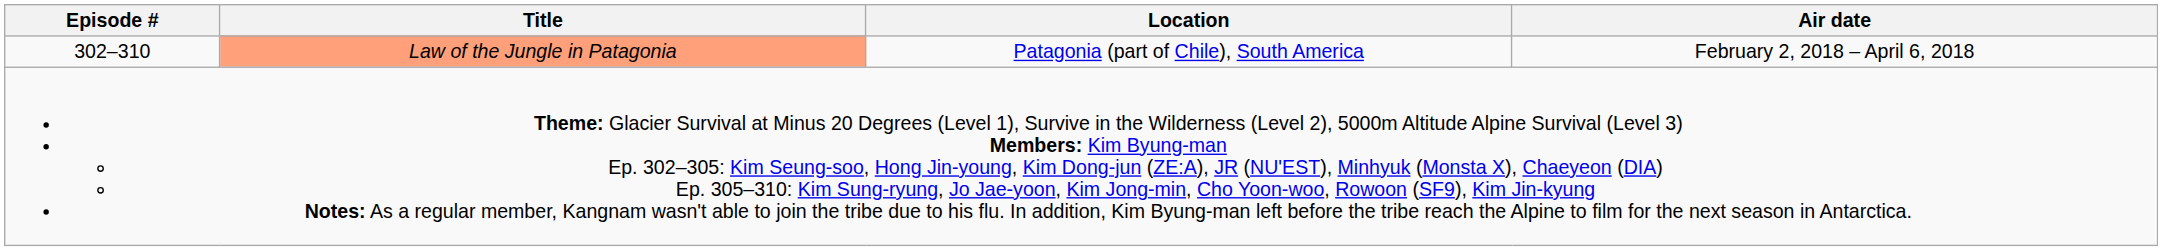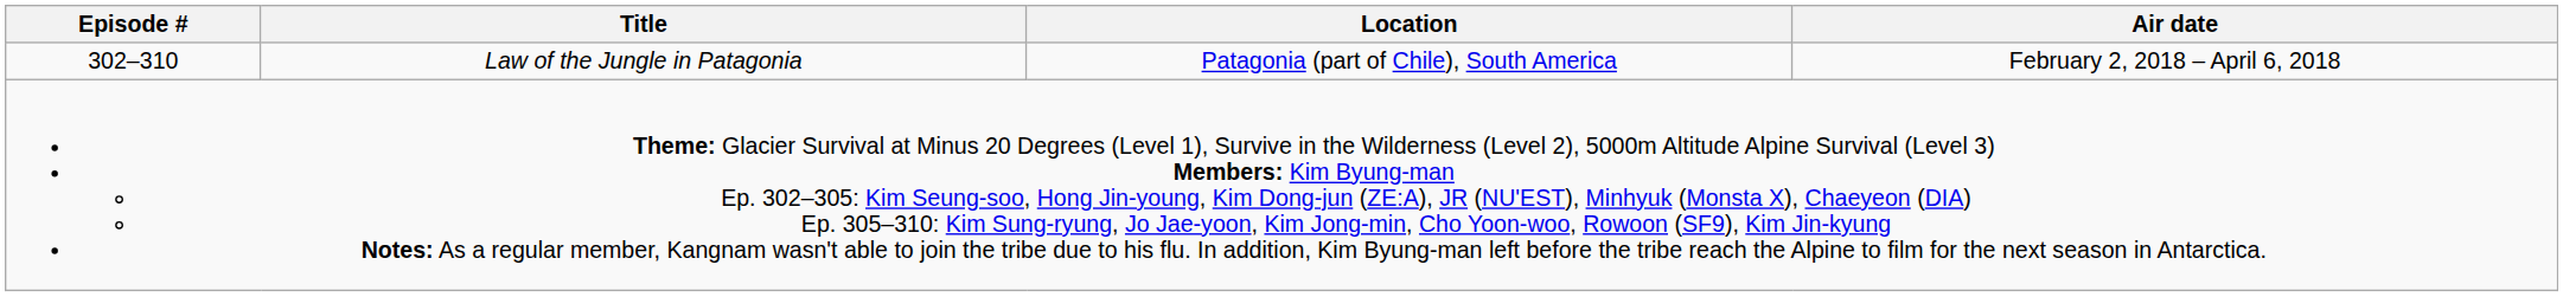 <table class="wikitable" style="text-align:center; font-size:90%; width:100%;">
 <tr>
 <th width="10%">Episode #</th>
 <th width="30%">Title</th>
 <th width="30%">Location</th>
 <th width="30%">Air date</th>
 </tr>
 <tr>
 <td>302–310</td>
-<td style="background: lightsalmon;"><em>Law of the Jungle in Patagonia</em></td>
+<td><em>Law of the Jungle in Patagonia</em></td>
 <td><a href='#'>Patagonia</a> (part of <a href='#'>Chile</a>), <a href='#'>South America</a></td>
 <td>February 2, 2018 – April 6, 2018</td>
 </tr>
 <tr>
 <td colspan="4"><br><ul><li><strong>Theme:</strong> Glacier Survival at Minus 20 Degrees (Level 1), Survive in the Wilderness (Level 2), 5000m Altitude Alpine Survival (Level 3)</li><li><strong>Members:</strong> <a href='#'>Kim Byung-man</a><ul><li>Ep. 302–305: <a href='#'>Kim Seung-soo</a>, <a href='#'>Hong Jin-young</a>, <a href='#'>Kim Dong-jun</a> (<a href='#'>ZE:A</a>), <a href='#'>JR</a> (<a href='#'>NU'EST</a>), <a href='#'>Minhyuk</a> (<a href='#'>Monsta X</a>), <a href='#'>Chaeyeon</a> (<a href='#'>DIA</a>)</li><li>Ep. 305–310: <a href='#'>Kim Sung-ryung</a>, <a href='#'>Jo Jae-yoon</a>, <a href='#'>Kim Jong-min</a>, <a href='#'>Cho Yoon-woo</a>, <a href='#'>Rowoon</a> (<a href='#'>SF9</a>), <a href='#'>Kim Jin-kyung</a></li></ul></li><li><strong>Notes:</strong> As a regular member, Kangnam wasn't able to join the tribe due to his flu. In addition, Kim Byung-man left before the tribe reach the Alpine to film for the next season in Antarctica.</li></ul></td>
 </tr>
 </table>
